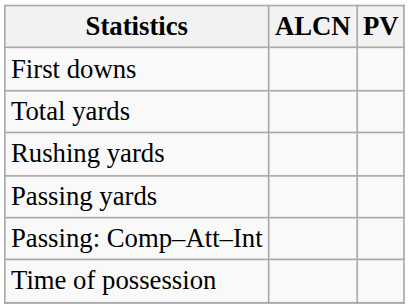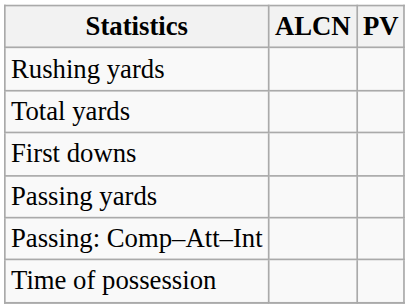 <table class="wikitable" style="float: left;">
 <tr>
 <th>Statistics</th>
 <th>ALCN</th>
 <th>PV</th>
 </tr>
 <tr>
-<td>First downs</td>
+<td>Rushing yards</td>
 <td></td>
 <td></td>
 </tr>
 <tr>
 <td>Total yards</td>
 <td></td>
 <td></td>
 </tr>
 <tr>
-<td>Rushing yards</td>
+<td>First downs</td>
 <td></td>
 <td></td>
 </tr>
 <tr>
 <td>Passing yards</td>
 <td></td>
 <td></td>
 </tr>
 <tr>
 <td>Passing: Comp–Att–Int</td>
 <td></td>
 <td></td>
 </tr>
 <tr>
 <td>Time of possession</td>
 <td></td>
 <td></td>
 </tr>
 <tr>
 </tr>
 </table>
